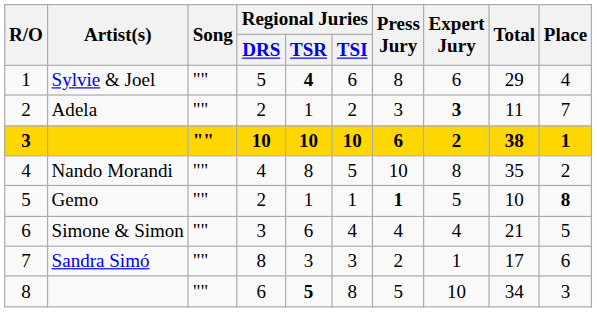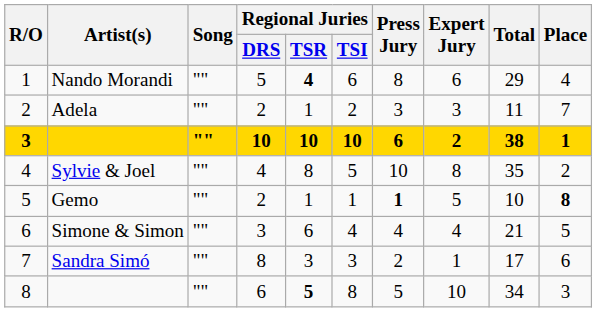 <table class="sortable wikitable" style="margin: 1em auto 1em auto; text-align:center">
 <tr>
 <th rowspan="2">R/O</th>
 <th rowspan="2">Artist(s)</th>
 <th rowspan="2">Song</th>
 <th colspan="3">Regional Juries</th>
 <th rowspan="2">Press<br>Jury</th>
 <th rowspan="2">Expert<br>Jury</th>
 <th rowspan="2">Total</th>
 <th rowspan="2">Place</th>
 </tr>
 <tr>
 <th><a href='#'>DRS</a></th>
 <th><a href='#'>TSR</a></th>
 <th><a href='#'>TSI</a></th>
 </tr>
 <tr>
 <td>1</td>
-<td align="left"><a href='#'>Sylvie</a> & Joel</td>
+<td align="left">Nando Morandi</td>
 <td align="left">""</td>
 <td>5</td>
 <td><strong>4</strong></td>
 <td>6</td>
 <td>8</td>
 <td>6</td>
 <td>29</td>
 <td>4</td>
 </tr>
 <tr>
 <td>2</td>
 <td align="left">Adela</td>
 <td align="left">""</td>
 <td>2</td>
 <td>1</td>
 <td>2</td>
 <td>3</td>
-<td><strong>3</strong></td>
+<td>3</td>
 <td>11</td>
 <td>7</td>
 </tr>
 <tr style="font-weight:bold; background:gold;">
 <td>3</td>
 <td align="left"></td>
 <td align="left">""</td>
 <td>10</td>
 <td>10</td>
 <td>10</td>
 <td>6</td>
 <td>2</td>
 <td>38</td>
 <td>1</td>
 </tr>
 <tr>
 <td>4</td>
-<td align="left">Nando Morandi</td>
+<td align="left"><a href='#'>Sylvie</a> & Joel</td>
 <td align="left">""</td>
 <td>4</td>
 <td>8</td>
 <td>5</td>
 <td>10</td>
 <td>8</td>
 <td>35</td>
 <td>2</td>
 </tr>
 <tr>
 <td>5</td>
 <td align="left">Gemo</td>
 <td align="left">""</td>
 <td>2</td>
 <td>1</td>
 <td>1</td>
 <td><strong>1</strong></td>
 <td>5</td>
 <td>10</td>
 <td><strong>8</strong></td>
 </tr>
 <tr>
 <td>6</td>
 <td align="left">Simone & Simon</td>
 <td align="left">""</td>
 <td>3</td>
 <td>6</td>
 <td>4</td>
 <td>4</td>
 <td>4</td>
 <td>21</td>
 <td>5</td>
 </tr>
 <tr>
 <td>7</td>
 <td align="left"><a href='#'>Sandra Simó</a></td>
 <td align="left">""</td>
 <td>8</td>
 <td>3</td>
 <td>3</td>
 <td>2</td>
 <td>1</td>
 <td>17</td>
 <td>6</td>
 </tr>
 <tr>
 <td>8</td>
 <td align="left"></td>
 <td align="left">""</td>
 <td>6</td>
 <td><strong>5</strong></td>
 <td>8</td>
 <td>5</td>
 <td>10</td>
 <td>34</td>
 <td>3</td>
 </tr>
 </table>
